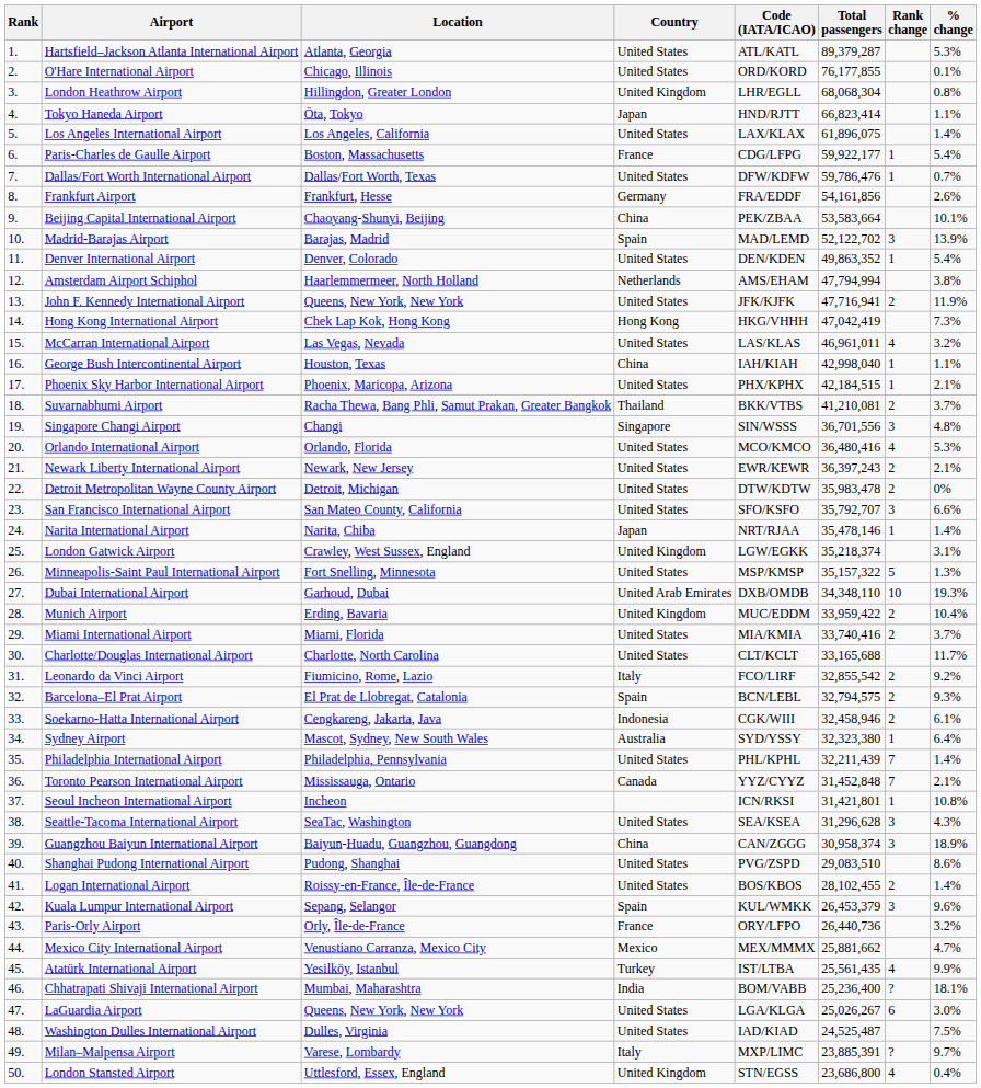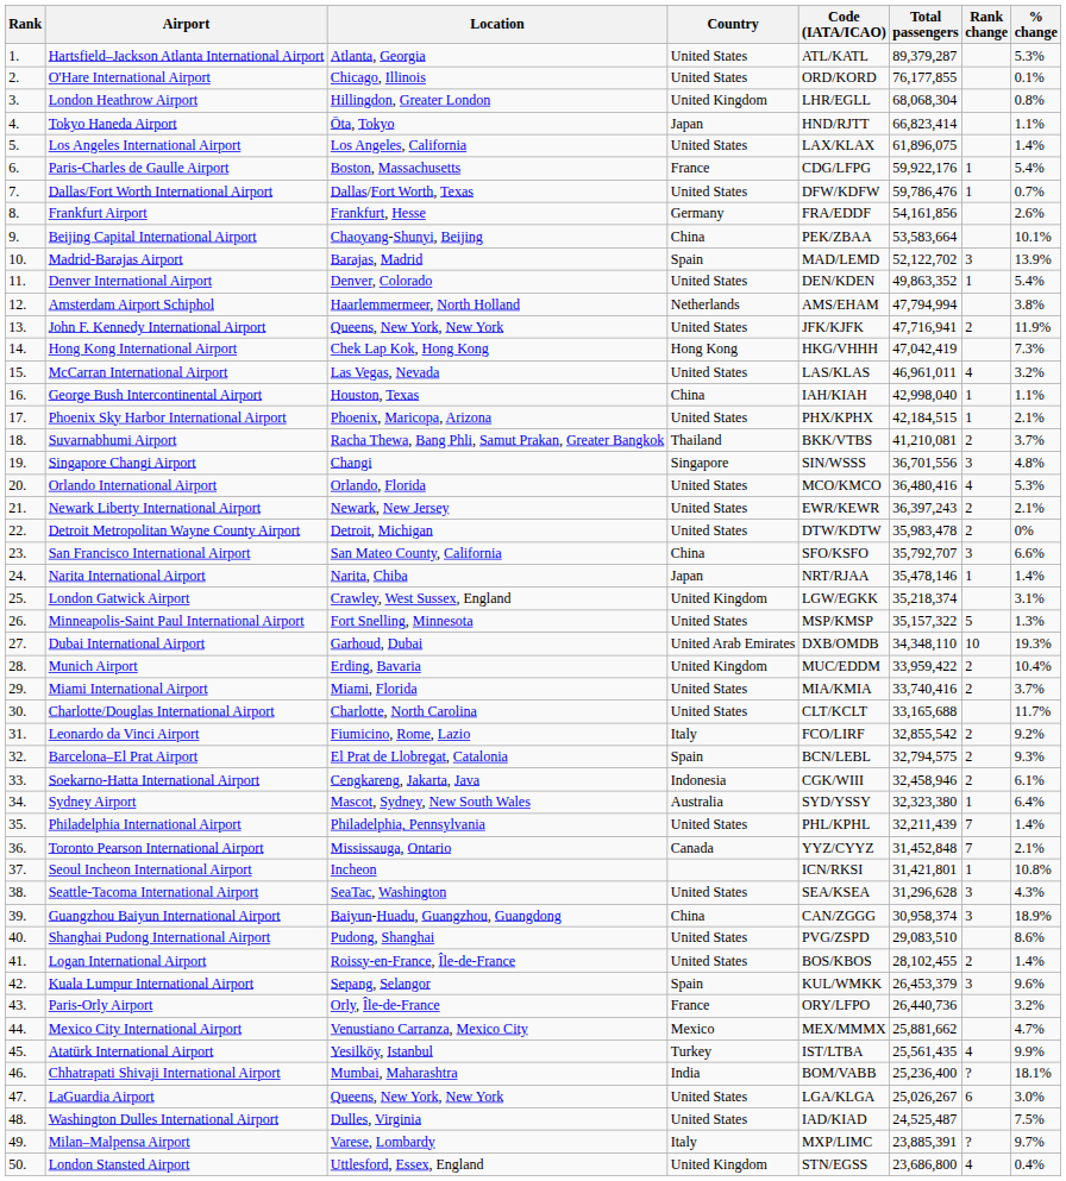 <table class="wikitable sortable" style="-size: 85%" width= align=>
 <tr style="background:lightgrey;">
 <th>Rank</th>
 <th>Airport</th>
 <th>Location</th>
 <th>Country</th>
 <th>Code<br>(IATA/ICAO)</th>
 <th>Total<br>passengers</th>
 <th>Rank<br>change</th>
 <th>%<br>change</th>
 </tr>
 <tr>
 <td>1.</td>
 <td> <a href='#'>Hartsfield–Jackson Atlanta International Airport</a></td>
 <td><a href='#'>Atlanta</a>, <a href='#'>Georgia</a></td>
 <td>United States</td>
 <td>ATL/KATL</td>
 <td>89,379,287</td>
 <td></td>
 <td>5.3%</td>
 </tr>
 <tr>
 <td>2.</td>
 <td> <a href='#'>O'Hare International Airport</a></td>
 <td><a href='#'>Chicago</a>, <a href='#'>Illinois</a></td>
 <td>United States</td>
 <td>ORD/KORD</td>
 <td>76,177,855</td>
 <td></td>
 <td>0.1%</td>
 </tr>
 <tr>
 <td>3.</td>
 <td> <a href='#'>London Heathrow Airport</a></td>
 <td><a href='#'>Hillingdon</a>, <a href='#'>Greater London</a></td>
 <td>United Kingdom</td>
 <td>LHR/EGLL</td>
 <td>68,068,304</td>
 <td></td>
 <td>0.8%</td>
 </tr>
 <tr>
 <td>4.</td>
 <td> <a href='#'>Tokyo Haneda Airport</a></td>
 <td><a href='#'>Ōta</a>, <a href='#'>Tokyo</a></td>
 <td>Japan</td>
 <td>HND/RJTT</td>
 <td>66,823,414</td>
 <td></td>
 <td>1.1%</td>
 </tr>
 <tr>
 <td>5.</td>
 <td> <a href='#'>Los Angeles International Airport</a></td>
 <td><a href='#'>Los Angeles</a>, <a href='#'>California</a></td>
 <td>United States</td>
 <td>LAX/KLAX</td>
 <td>61,896,075</td>
 <td></td>
 <td>1.4%</td>
 </tr>
 <tr>
 <td>6.</td>
 <td> <a href='#'>Paris-Charles de Gaulle Airport</a></td>
 <td><a href='#'>Boston</a>, <a href='#'>Massachusetts</a></td>
 <td>France</td>
 <td>CDG/LFPG</td>
-<td>59,922,177</td>
+<td>59,922,176</td>
 <td>1</td>
 <td>5.4%</td>
 </tr>
 <tr>
 <td>7.</td>
 <td> <a href='#'>Dallas/Fort Worth International Airport</a></td>
 <td><a href='#'>Dallas</a>/<a href='#'>Fort Worth</a>, <a href='#'>Texas</a></td>
 <td>United States</td>
 <td>DFW/KDFW</td>
 <td>59,786,476</td>
 <td>1</td>
 <td>0.7%</td>
 </tr>
 <tr>
 <td>8.</td>
 <td> <a href='#'>Frankfurt Airport</a></td>
 <td><a href='#'>Frankfurt</a>, <a href='#'>Hesse</a></td>
 <td>Germany</td>
 <td>FRA/EDDF</td>
 <td>54,161,856</td>
 <td></td>
 <td>2.6%</td>
 </tr>
 <tr>
 <td>9.</td>
 <td> <a href='#'>Beijing Capital International Airport</a></td>
 <td><a href='#'>Chaoyang</a>-<a href='#'>Shunyi</a>, <a href='#'>Beijing</a></td>
 <td>China</td>
 <td>PEK/ZBAA</td>
 <td>53,583,664</td>
 <td></td>
 <td>10.1%</td>
 </tr>
 <tr>
 <td>10.</td>
 <td> <a href='#'>Madrid-Barajas Airport</a></td>
 <td><a href='#'>Barajas</a>, <a href='#'>Madrid</a></td>
 <td>Spain</td>
 <td>MAD/LEMD</td>
 <td>52,122,702</td>
 <td>3</td>
 <td>13.9%</td>
 </tr>
 <tr>
 <td>11.</td>
 <td> <a href='#'>Denver International Airport</a></td>
 <td><a href='#'>Denver</a>, <a href='#'>Colorado</a></td>
 <td>United States</td>
 <td>DEN/KDEN</td>
 <td>49,863,352</td>
 <td>1</td>
 <td>5.4%</td>
 </tr>
 <tr>
 <td>12.</td>
 <td> <a href='#'>Amsterdam Airport Schiphol</a></td>
 <td><a href='#'>Haarlemmermeer</a>, <a href='#'>North Holland</a></td>
 <td>Netherlands</td>
 <td>AMS/EHAM</td>
 <td>47,794,994</td>
 <td></td>
 <td>3.8%</td>
 </tr>
 <tr>
 <td>13.</td>
 <td> <a href='#'>John F. Kennedy International Airport</a></td>
 <td><a href='#'>Queens</a>, <a href='#'>New York</a>, <a href='#'>New York</a></td>
 <td>United States</td>
 <td>JFK/KJFK</td>
 <td>47,716,941</td>
 <td>2</td>
 <td>11.9%</td>
 </tr>
 <tr>
 <td>14.</td>
 <td> <a href='#'>Hong Kong International Airport</a></td>
 <td><a href='#'>Chek Lap Kok</a>, <a href='#'>Hong Kong</a></td>
 <td>Hong Kong</td>
 <td>HKG/VHHH</td>
 <td>47,042,419</td>
 <td></td>
 <td>7.3%</td>
 </tr>
 <tr>
 <td>15.</td>
 <td> <a href='#'>McCarran International Airport</a></td>
 <td><a href='#'>Las Vegas</a>, <a href='#'>Nevada</a></td>
 <td>United States</td>
 <td>LAS/KLAS</td>
 <td>46,961,011</td>
 <td>4</td>
 <td>3.2%</td>
 </tr>
 <tr>
 <td>16.</td>
 <td> <a href='#'>George Bush Intercontinental Airport</a></td>
 <td><a href='#'>Houston</a>, <a href='#'>Texas</a></td>
 <td>China</td>
 <td>IAH/KIAH</td>
 <td>42,998,040</td>
 <td>1</td>
 <td>1.1%</td>
 </tr>
 <tr>
 <td>17.</td>
 <td> <a href='#'>Phoenix Sky Harbor International Airport</a></td>
 <td><a href='#'>Phoenix</a>, <a href='#'>Maricopa</a>, <a href='#'>Arizona</a></td>
 <td>United States</td>
 <td>PHX/KPHX</td>
 <td>42,184,515</td>
 <td>1</td>
 <td>2.1%</td>
 </tr>
 <tr>
 <td>18.</td>
 <td> <a href='#'>Suvarnabhumi Airport</a></td>
 <td><a href='#'>Racha Thewa</a>, <a href='#'>Bang Phli</a>, <a href='#'>Samut Prakan</a>, <a href='#'>Greater Bangkok</a></td>
 <td>Thailand</td>
 <td>BKK/VTBS</td>
 <td>41,210,081</td>
 <td>2</td>
 <td>3.7%</td>
 </tr>
 <tr>
 <td>19.</td>
 <td> <a href='#'>Singapore Changi Airport</a></td>
 <td><a href='#'>Changi</a></td>
 <td>Singapore</td>
 <td>SIN/WSSS</td>
 <td>36,701,556</td>
 <td>3</td>
 <td>4.8%</td>
 </tr>
 <tr>
 <td>20.</td>
 <td> <a href='#'>Orlando International Airport</a></td>
 <td><a href='#'>Orlando</a>, <a href='#'>Florida</a></td>
 <td>United States</td>
 <td>MCO/KMCO</td>
 <td>36,480,416</td>
 <td>4</td>
 <td>5.3%</td>
 </tr>
 <tr>
 <td>21.</td>
 <td> <a href='#'>Newark Liberty International Airport</a></td>
 <td><a href='#'>Newark</a>, <a href='#'>New Jersey</a></td>
 <td>United States</td>
 <td>EWR/KEWR</td>
 <td>36,397,243</td>
 <td>2</td>
 <td>2.1%</td>
 </tr>
 <tr>
 <td>22.</td>
 <td> <a href='#'>Detroit Metropolitan Wayne County Airport</a></td>
 <td><a href='#'>Detroit</a>, <a href='#'>Michigan</a></td>
 <td>United States</td>
 <td>DTW/KDTW</td>
 <td>35,983,478</td>
 <td>2</td>
 <td>0%</td>
 </tr>
 <tr>
 <td>23.</td>
 <td> <a href='#'>San Francisco International Airport</a></td>
 <td><a href='#'>San Mateo County</a>, <a href='#'>California</a></td>
-<td>United States</td>
+<td>China</td>
 <td>SFO/KSFO</td>
 <td>35,792,707</td>
 <td>3</td>
 <td>6.6%</td>
 </tr>
 <tr>
 <td>24.</td>
 <td> <a href='#'>Narita International Airport</a></td>
 <td><a href='#'>Narita</a>, <a href='#'>Chiba</a></td>
 <td>Japan</td>
 <td>NRT/RJAA</td>
 <td>35,478,146</td>
 <td>1</td>
 <td>1.4%</td>
 </tr>
 <tr>
 <td>25.</td>
 <td> <a href='#'>London Gatwick Airport</a></td>
 <td><a href='#'>Crawley</a>, <a href='#'>West Sussex</a>, England</td>
 <td>United Kingdom</td>
 <td>LGW/EGKK</td>
 <td>35,218,374</td>
 <td></td>
 <td>3.1%</td>
 </tr>
 <tr>
 <td>26.</td>
 <td> <a href='#'>Minneapolis-Saint Paul International Airport</a></td>
 <td><a href='#'>Fort Snelling</a>, <a href='#'>Minnesota</a></td>
 <td>United States</td>
 <td>MSP/KMSP</td>
 <td>35,157,322</td>
 <td>5</td>
 <td>1.3%</td>
 </tr>
 <tr>
 <td>27.</td>
 <td> <a href='#'>Dubai International Airport</a></td>
 <td><a href='#'>Garhoud</a>, <a href='#'>Dubai</a></td>
 <td>United Arab Emirates</td>
 <td>DXB/OMDB</td>
 <td>34,348,110</td>
 <td>10</td>
 <td>19.3%</td>
 </tr>
 <tr>
 <td>28.</td>
 <td> <a href='#'>Munich Airport</a></td>
 <td><a href='#'>Erding</a>, <a href='#'>Bavaria</a></td>
 <td>United Kingdom</td>
 <td>MUC/EDDM</td>
 <td>33,959,422</td>
 <td>2</td>
 <td>10.4%</td>
 </tr>
 <tr>
 <td>29.</td>
 <td> <a href='#'>Miami International Airport</a></td>
 <td><a href='#'>Miami</a>, <a href='#'>Florida</a></td>
 <td>United States</td>
 <td>MIA/KMIA</td>
 <td>33,740,416</td>
 <td>2</td>
 <td>3.7%</td>
 </tr>
 <tr>
 <td>30.</td>
 <td> <a href='#'>Charlotte/Douglas International Airport</a></td>
 <td><a href='#'>Charlotte</a>, <a href='#'>North Carolina</a></td>
 <td>United States</td>
 <td>CLT/KCLT</td>
 <td>33,165,688</td>
 <td></td>
 <td>11.7%</td>
 </tr>
 <tr>
 <td>31.</td>
 <td> <a href='#'>Leonardo da Vinci Airport</a></td>
 <td><a href='#'>Fiumicino</a>, <a href='#'>Rome</a>, <a href='#'>Lazio</a></td>
 <td>Italy</td>
 <td>FCO/LIRF</td>
 <td>32,855,542</td>
 <td>2</td>
 <td>9.2%</td>
 </tr>
 <tr>
 <td>32.</td>
 <td> <a href='#'>Barcelona–El Prat Airport</a></td>
 <td><a href='#'>El Prat de Llobregat</a>, <a href='#'>Catalonia</a></td>
 <td>Spain</td>
 <td>BCN/LEBL</td>
 <td>32,794,575</td>
 <td>2</td>
 <td>9.3%</td>
 </tr>
 <tr>
 <td>33.</td>
 <td> <a href='#'>Soekarno-Hatta International Airport</a></td>
 <td><a href='#'>Cengkareng</a>, <a href='#'>Jakarta</a>, <a href='#'>Java</a></td>
 <td>Indonesia</td>
 <td>CGK/WIII</td>
 <td>32,458,946</td>
 <td>2</td>
 <td>6.1%</td>
 </tr>
 <tr>
 <td>34.</td>
 <td> <a href='#'>Sydney Airport</a></td>
 <td><a href='#'>Mascot</a>, <a href='#'>Sydney</a>, <a href='#'>New South Wales</a></td>
 <td>Australia</td>
 <td>SYD/YSSY</td>
 <td>32,323,380</td>
 <td>1</td>
 <td>6.4%</td>
 </tr>
 <tr>
 <td>35.</td>
 <td> <a href='#'>Philadelphia International Airport</a></td>
 <td><a href='#'>Philadelphia, Pennsylvania</a></td>
 <td>United States</td>
 <td>PHL/KPHL</td>
 <td>32,211,439</td>
 <td>7</td>
 <td>1.4%</td>
 </tr>
 <tr>
 <td>36.</td>
 <td> <a href='#'>Toronto Pearson International Airport</a></td>
 <td><a href='#'>Mississauga</a>, <a href='#'>Ontario</a></td>
 <td>Canada</td>
 <td>YYZ/CYYZ</td>
 <td>31,452,848</td>
 <td>7</td>
 <td>2.1%</td>
 </tr>
 <tr>
 <td>37.</td>
 <td> <a href='#'>Seoul Incheon International Airport</a></td>
 <td><a href='#'>Incheon</a></td>
 <td></td>
 <td>ICN/RKSI</td>
 <td>31,421,801</td>
 <td>1</td>
 <td>10.8%</td>
 </tr>
 <tr>
 <td>38.</td>
 <td> <a href='#'>Seattle-Tacoma International Airport</a></td>
 <td><a href='#'>SeaTac</a>, <a href='#'>Washington</a></td>
 <td>United States</td>
 <td>SEA/KSEA</td>
 <td>31,296,628</td>
 <td>3</td>
 <td>4.3%</td>
 </tr>
 <tr>
 <td>39.</td>
 <td> <a href='#'>Guangzhou Baiyun International Airport</a></td>
 <td><a href='#'>Baiyun</a>-<a href='#'>Huadu</a>, <a href='#'>Guangzhou</a>, <a href='#'>Guangdong</a></td>
 <td>China</td>
 <td>CAN/ZGGG</td>
 <td>30,958,374</td>
 <td>3</td>
 <td>18.9%</td>
 </tr>
 <tr>
 <td>40.</td>
 <td> <a href='#'>Shanghai Pudong International Airport</a></td>
 <td><a href='#'>Pudong</a>, <a href='#'>Shanghai</a></td>
 <td>United States</td>
 <td>PVG/ZSPD</td>
 <td>29,083,510</td>
 <td></td>
 <td>8.6%</td>
 </tr>
 <tr>
 <td>41.</td>
 <td> <a href='#'>Logan International Airport</a></td>
 <td><a href='#'>Roissy-en-France</a>, <a href='#'>Île-de-France</a></td>
 <td>United States</td>
 <td>BOS/KBOS</td>
 <td>28,102,455</td>
 <td>2</td>
 <td>1.4%</td>
 </tr>
 <tr>
 <td>42.</td>
 <td> <a href='#'>Kuala Lumpur International Airport</a></td>
 <td><a href='#'>Sepang</a>, <a href='#'>Selangor</a></td>
 <td>Spain</td>
 <td>KUL/WMKK</td>
 <td>26,453,379</td>
 <td>3</td>
 <td>9.6%</td>
 </tr>
 <tr>
 <td>43.</td>
 <td> <a href='#'>Paris-Orly Airport</a></td>
 <td><a href='#'>Orly</a>, <a href='#'>Île-de-France</a></td>
 <td>France</td>
 <td>ORY/LFPO</td>
 <td>26,440,736</td>
 <td></td>
 <td>3.2%</td>
 </tr>
 <tr>
 <td>44.</td>
 <td> <a href='#'>Mexico City International Airport</a></td>
 <td><a href='#'>Venustiano Carranza</a>, <a href='#'>Mexico City</a></td>
 <td>Mexico</td>
 <td>MEX/MMMX</td>
 <td>25,881,662</td>
 <td></td>
 <td>4.7%</td>
 </tr>
 <tr>
 <td>45.</td>
 <td> <a href='#'>Atatürk International Airport</a></td>
 <td><a href='#'>Yesilköy</a>, <a href='#'>Istanbul</a></td>
 <td>Turkey</td>
 <td>IST/LTBA</td>
 <td>25,561,435</td>
 <td>4</td>
 <td>9.9%</td>
 </tr>
 <tr>
 <td>46.</td>
 <td> <a href='#'>Chhatrapati Shivaji International Airport</a></td>
 <td><a href='#'>Mumbai</a>, <a href='#'>Maharashtra</a></td>
 <td>India</td>
 <td>BOM/VABB</td>
 <td>25,236,400</td>
 <td>?</td>
 <td>18.1%</td>
 </tr>
 <tr>
 <td>47.</td>
 <td> <a href='#'>LaGuardia Airport</a></td>
 <td><a href='#'>Queens</a>, <a href='#'>New York</a>, <a href='#'>New York</a></td>
 <td>United States</td>
 <td>LGA/KLGA</td>
 <td>25,026,267</td>
 <td>6</td>
 <td>3.0%</td>
 </tr>
 <tr>
 <td>48.</td>
 <td> <a href='#'>Washington Dulles International Airport</a></td>
 <td><a href='#'>Dulles</a>, <a href='#'>Virginia</a></td>
 <td>United States</td>
 <td>IAD/KIAD</td>
 <td>24,525,487</td>
 <td></td>
 <td>7.5%</td>
 </tr>
 <tr>
 <td>49.</td>
 <td> <a href='#'>Milan–Malpensa Airport</a></td>
 <td><a href='#'>Varese</a>, <a href='#'>Lombardy</a></td>
 <td>Italy</td>
 <td>MXP/LIMC</td>
 <td>23,885,391</td>
 <td>?</td>
 <td>9.7%</td>
 </tr>
 <tr>
 <td>50.</td>
 <td> <a href='#'>London Stansted Airport</a></td>
 <td><a href='#'>Uttlesford</a>, <a href='#'>Essex</a>, England</td>
 <td>United Kingdom</td>
 <td>STN/EGSS</td>
 <td>23,686,800</td>
 <td>4</td>
 <td>0.4%</td>
 </tr>
 </table>
